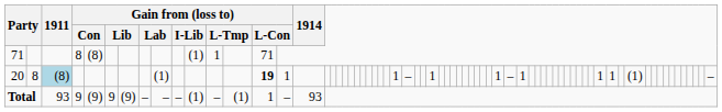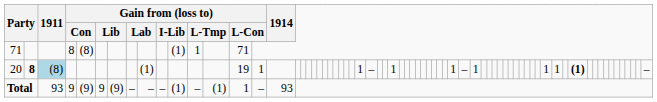 <table class="wikitable" style="text-align:right">
 <tr>
 <th rowspan="2" colspan="2">Party</th>
 <th rowspan="2" style="width:1em;">1911</th>
 <th colspan="12">Gain from (loss to)</th>
 <th rowspan="2" style="width:1em;">1914</th>
 </tr>
 <tr>
 <th colspan="2">Con</th>
 <th colspan="2">Lib</th>
 <th colspan="2">Lab</th>
 <th colspan="2">I-Lib</th>
 <th colspan="2">L-Tmp</th>
 <th colspan="2">L-Con</th>
 </tr>
 <tr>
 <td>71</td>
 <td></td>
 <td></td>
 <td>8</td>
 <td>(8)</td>
 <td></td>
 <td></td>
 <td></td>
 <td></td>
 <td></td>
 <td>(1)</td>
 <td>1</td>
 <td></td>
 <td>71</td>
 </tr>
 <tr>
 <td>20</td>
-<td>8</td>
+<td><strong>8</strong></td>
 <td style="background: lightblue;">(8)</td>
 <td></td>
 <td></td>
 <td></td>
 <td></td>
 <td></td>
 <td>(1)</td>
 <td></td>
 <td></td>
 <td></td>
 <td></td>
-<td><strong>19<br></strong></td>
+<td>19<br></td>
 <td>1</td>
 <td></td>
 <td></td>
 <td></td>
 <td></td>
 <td></td>
 <td></td>
 <td></td>
 <td></td>
 <td></td>
 <td></td>
 <td></td>
 <td></td>
 <td>1<br></td>
 <td>–</td>
 <td></td>
 <td></td>
 <td>1</td>
 <td></td>
 <td></td>
 <td></td>
 <td></td>
 <td></td>
 <td></td>
 <td></td>
 <td></td>
 <td></td>
 <td>1<br></td>
 <td>–</td>
 <td>1</td>
 <td></td>
 <td></td>
 <td></td>
 <td></td>
 <td></td>
 <td></td>
 <td></td>
 <td></td>
 <td></td>
 <td></td>
 <td></td>
 <td>1<br></td>
 <td>1</td>
 <td></td>
-<td>(1)</td>
+<td><strong>(1)</strong></td>
 <td></td>
 <td></td>
 <td></td>
 <td></td>
 <td></td>
 <td></td>
 <td></td>
 <td></td>
 <td></td>
 <td></td>
 <td>–</td>
 </tr>
 <tr>
 <td colspan="2" style="text-align:left;"><strong>Total</strong></td>
 <td>93</td>
 <td>9</td>
 <td>(9)</td>
 <td>9</td>
 <td>(9)</td>
 <td>–</td>
 <td>–</td>
 <td>–</td>
 <td>(1)</td>
 <td>–</td>
 <td>(1)</td>
 <td>1</td>
 <td>–</td>
 <td>93</td>
 </tr>
 </table>
